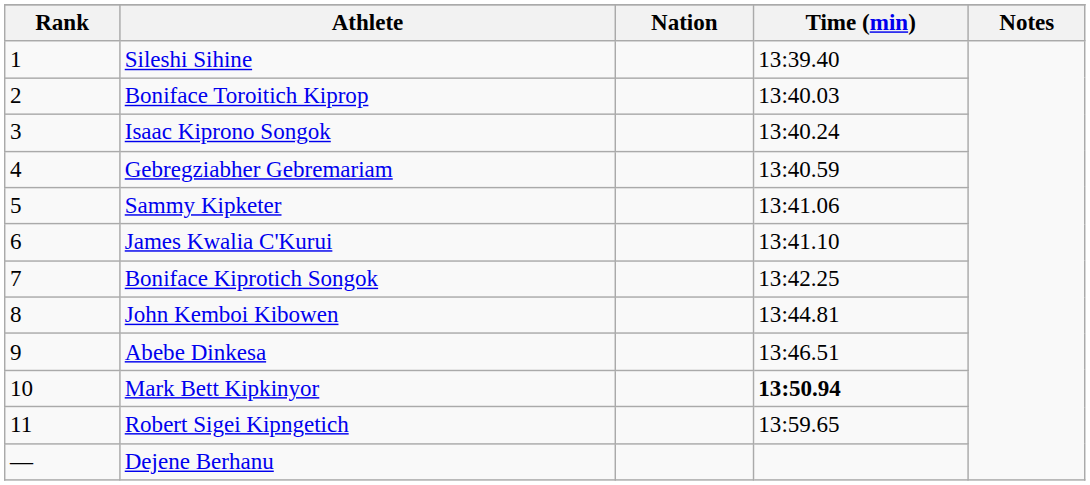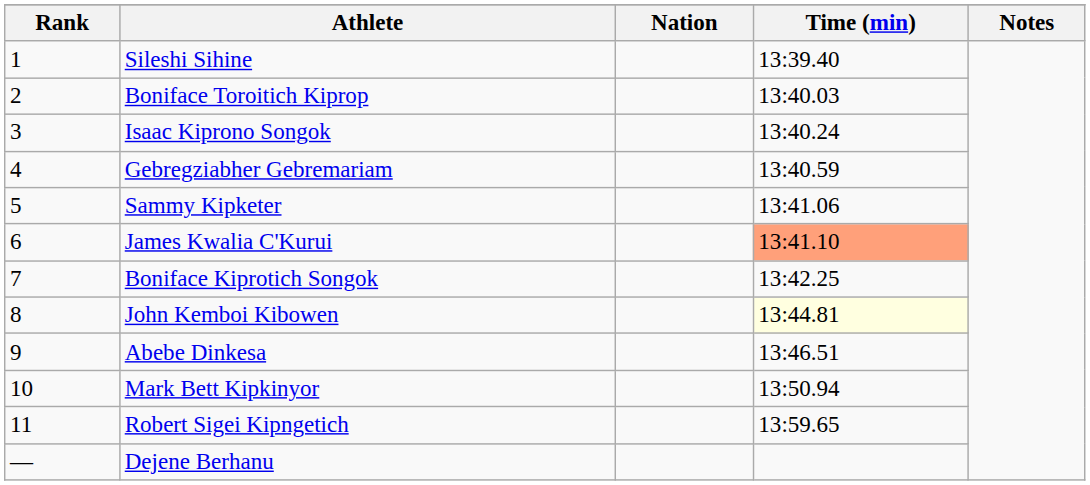 <table class="wikitable" width=85%>
 <tr>
 </tr>
 <tr>
 <th>Rank</th>
 <th>Athlete</th>
 <th>Nation</th>
 <th>Time (<a href='#'>min</a>)</th>
 <th>Notes</th>
 </tr>
 <tr>
 <td>1</td>
 <td><a href='#'>Sileshi Sihine</a></td>
 <td></td>
 <td>13:39.40</td>
 </tr>
 <tr>
 <td>2</td>
 <td><a href='#'>Boniface Toroitich Kiprop</a></td>
 <td></td>
 <td>13:40.03</td>
 </tr>
 <tr>
 <td>3</td>
 <td><a href='#'>Isaac Kiprono Songok</a></td>
 <td></td>
 <td>13:40.24</td>
 </tr>
 <tr>
 <td>4</td>
 <td><a href='#'>Gebregziabher Gebremariam</a></td>
 <td></td>
 <td>13:40.59</td>
 </tr>
 <tr>
 <td>5</td>
 <td><a href='#'>Sammy Kipketer</a></td>
 <td></td>
 <td>13:41.06</td>
 </tr>
 <tr>
 <td>6</td>
 <td><a href='#'>James Kwalia C'Kurui</a></td>
 <td></td>
-<td>13:41.10</td>
+<td style="background: lightsalmon;">13:41.10</td>
 </tr>
 <tr>
 <td>7</td>
 <td><a href='#'>Boniface Kiprotich Songok</a></td>
 <td></td>
 <td>13:42.25</td>
 </tr>
 <tr>
 <td>8</td>
 <td><a href='#'>John Kemboi Kibowen</a></td>
 <td></td>
-<td>13:44.81</td>
+<td style="background: lightyellow;">13:44.81</td>
 </tr>
 <tr>
 <td>9</td>
 <td><a href='#'>Abebe Dinkesa</a></td>
 <td></td>
 <td>13:46.51</td>
 </tr>
 <tr>
 <td>10</td>
 <td><a href='#'>Mark Bett Kipkinyor</a></td>
 <td></td>
-<td><strong>13:50.94</strong></td>
+<td>13:50.94</td>
 </tr>
 <tr>
 <td>11</td>
 <td><a href='#'>Robert Sigei Kipngetich</a></td>
 <td></td>
 <td>13:59.65</td>
 </tr>
 <tr>
 <td>—</td>
 <td><a href='#'>Dejene Berhanu</a></td>
 <td></td>
 <td></td>
 </tr>
 </table>
